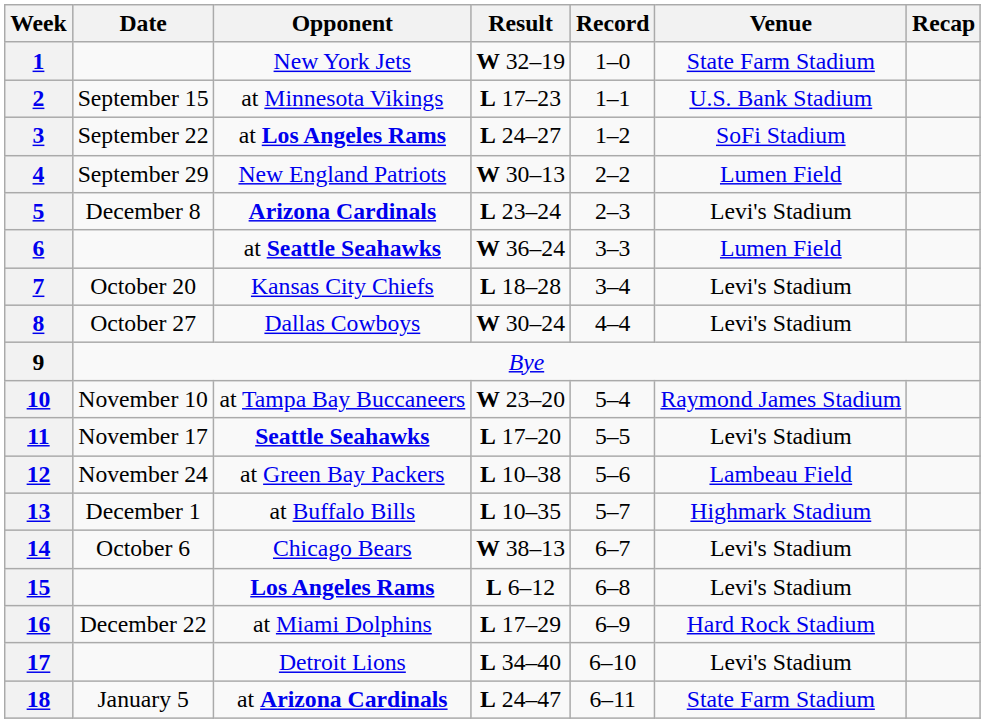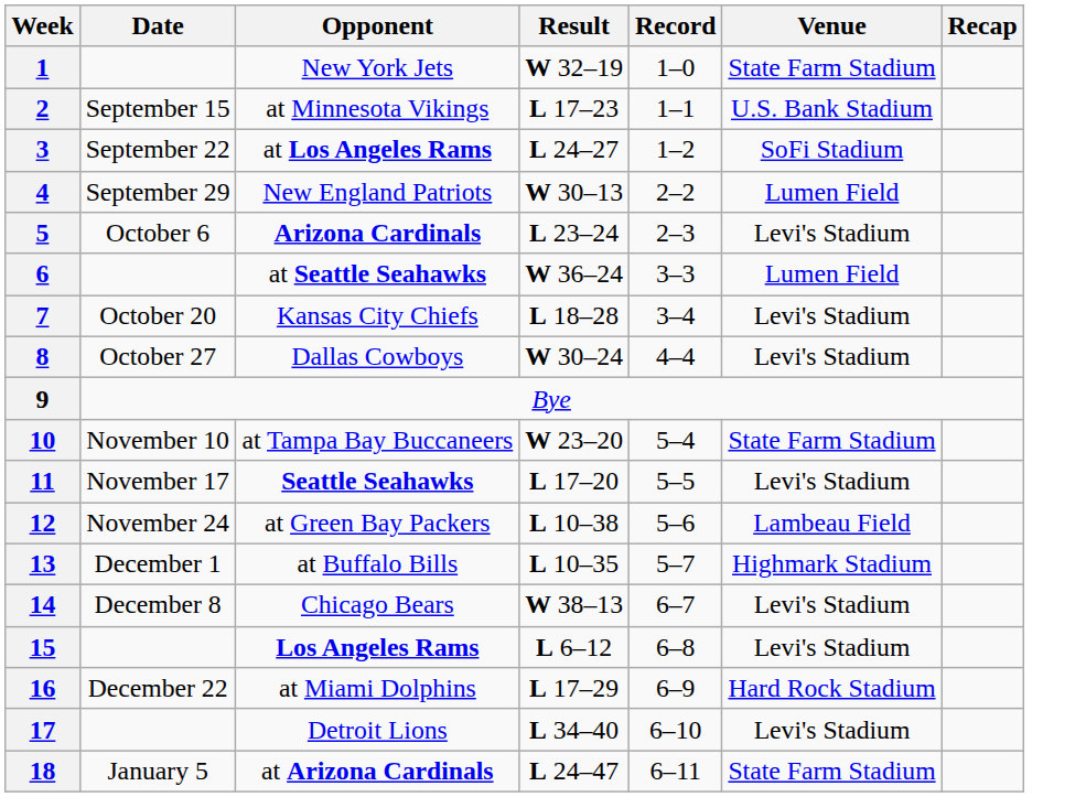 <table class="wikitable" style="text-align:center">
 <tr>
 <th>Week</th>
 <th>Date</th>
 <th>Opponent</th>
 <th>Result</th>
 <th>Record</th>
 <th>Venue</th>
 <th>Recap</th>
 </tr>
 <tr>
 <th><a href='#'>1</a></th>
 <td></td>
 <td><a href='#'>New York Jets</a></td>
 <td><strong>W</strong> 32–19</td>
 <td>1–0</td>
 <td><a href='#'>State Farm Stadium</a></td>
 <td></td>
 </tr>
 <tr>
 <th><a href='#'>2</a></th>
 <td>September 15</td>
 <td>at <a href='#'>Minnesota Vikings</a></td>
 <td><strong>L</strong> 17–23</td>
 <td>1–1</td>
 <td><a href='#'>U.S. Bank Stadium</a></td>
 <td></td>
 </tr>
 <tr>
 <th><a href='#'>3</a></th>
 <td>September 22</td>
 <td>at <strong><a href='#'>Los Angeles Rams</a></strong></td>
 <td><strong>L</strong> 24–27</td>
 <td>1–2</td>
 <td><a href='#'>SoFi Stadium</a></td>
 <td></td>
 </tr>
 <tr>
 <th><a href='#'>4</a></th>
 <td>September 29</td>
 <td><a href='#'>New England Patriots</a></td>
 <td><strong>W</strong> 30–13</td>
 <td>2–2</td>
 <td><a href='#'>Lumen Field</a></td>
 <td></td>
 </tr>
 <tr>
 <th><a href='#'>5</a></th>
-<td>December 8</td>
+<td>October 6</td>
 <td><strong><a href='#'>Arizona Cardinals</a></strong></td>
 <td><strong>L</strong> 23–24</td>
 <td>2–3</td>
 <td>Levi's Stadium</td>
 <td></td>
 </tr>
 <tr>
 <th><a href='#'>6</a></th>
 <td></td>
 <td>at <strong><a href='#'>Seattle Seahawks</a></strong></td>
 <td><strong>W</strong> 36–24</td>
 <td>3–3</td>
 <td><a href='#'>Lumen Field</a></td>
 <td></td>
 </tr>
 <tr>
 <th><a href='#'>7</a></th>
 <td>October 20</td>
 <td><a href='#'>Kansas City Chiefs</a></td>
 <td><strong>L</strong> 18–28</td>
 <td>3–4</td>
 <td>Levi's Stadium</td>
 <td></td>
 </tr>
 <tr>
 <th><a href='#'>8</a></th>
 <td>October 27</td>
 <td><a href='#'>Dallas Cowboys</a></td>
 <td><strong>W</strong> 30–24</td>
 <td>4–4</td>
 <td>Levi's Stadium</td>
 <td></td>
 </tr>
 <tr>
 <th>9</th>
 <td colspan="6"><em><a href='#'>Bye</a></em></td>
 </tr>
 <tr>
 <th><a href='#'>10</a></th>
 <td>November 10</td>
 <td>at <a href='#'>Tampa Bay Buccaneers</a></td>
 <td><strong>W</strong> 23–20</td>
 <td>5–4</td>
-<td><a href='#'>Raymond James Stadium</a></td>
+<td><a href='#'>State Farm Stadium</a></td>
 <td></td>
 </tr>
 <tr>
 <th><a href='#'>11</a></th>
 <td>November 17</td>
 <td><strong><a href='#'>Seattle Seahawks</a></strong></td>
 <td><strong>L</strong> 17–20</td>
 <td>5–5</td>
 <td>Levi's Stadium</td>
 <td></td>
 </tr>
 <tr>
 <th><a href='#'>12</a></th>
 <td>November 24</td>
 <td>at <a href='#'>Green Bay Packers</a></td>
 <td><strong>L</strong> 10–38</td>
 <td>5–6</td>
 <td><a href='#'>Lambeau Field</a></td>
 <td></td>
 </tr>
 <tr>
 <th><a href='#'>13</a></th>
 <td>December 1</td>
 <td>at <a href='#'>Buffalo Bills</a></td>
 <td><strong>L</strong> 10–35</td>
 <td>5–7</td>
 <td><a href='#'>Highmark Stadium</a></td>
 <td></td>
 </tr>
 <tr>
 <th><a href='#'>14</a></th>
-<td>October 6</td>
+<td>December 8</td>
 <td><a href='#'>Chicago Bears</a></td>
 <td><strong>W</strong> 38–13</td>
 <td>6–7</td>
 <td>Levi's Stadium</td>
 <td></td>
 </tr>
 <tr>
 <th><a href='#'>15</a></th>
 <td></td>
 <td><strong><a href='#'>Los Angeles Rams</a></strong></td>
 <td><strong>L</strong> 6–12</td>
 <td>6–8</td>
 <td>Levi's Stadium</td>
 <td></td>
 </tr>
 <tr>
 <th><a href='#'>16</a></th>
 <td>December 22</td>
 <td>at <a href='#'>Miami Dolphins</a></td>
 <td><strong>L</strong> 17–29</td>
 <td>6–9</td>
 <td><a href='#'>Hard Rock Stadium</a></td>
 <td></td>
 </tr>
 <tr>
 <th><a href='#'>17</a></th>
 <td></td>
 <td><a href='#'>Detroit Lions</a></td>
 <td><strong>L</strong> 34–40</td>
 <td>6–10</td>
 <td>Levi's Stadium</td>
 <td></td>
 </tr>
 <tr>
 <th><a href='#'>18</a></th>
 <td>January 5</td>
 <td>at <strong><a href='#'>Arizona Cardinals</a></strong></td>
 <td><strong>L</strong> 24–47</td>
 <td>6–11</td>
 <td><a href='#'>State Farm Stadium</a></td>
 <td></td>
 </tr>
 </table>
